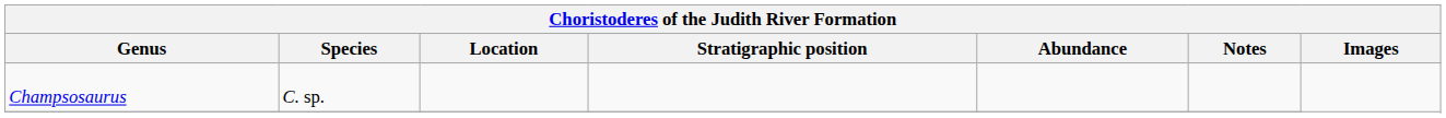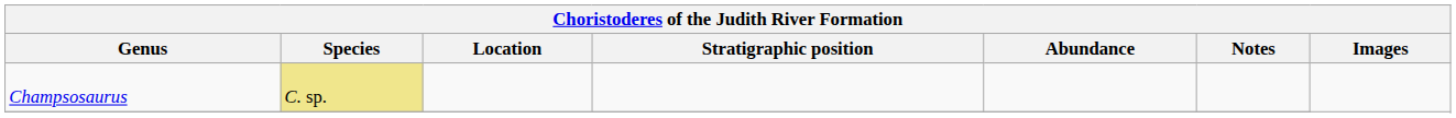 <table class="wikitable" align="center" width="100%">
 <tr>
 <th colspan="8" align="center"><strong><a href='#'>Choristoderes</a> of the Judith River Formation</strong></th>
 </tr>
 <tr>
 <th>Genus</th>
 <th>Species</th>
 <th>Location</th>
 <th>Stratigraphic position</th>
 <th>Abundance</th>
 <th>Notes</th>
 <th>Images</th>
 </tr>
 <tr>
 <td><br><em><a href='#'>Champsosaurus</a></em></td>
-<td><br><em>C.</em> sp.</td>
+<td style="background: khaki;"><br><em>C.</em> sp.</td>
 <td></td>
 <td></td>
 <td></td>
 <td></td>
 <td rowspan="20"><br></td>
 </tr>
 <tr>
 </tr>
 </table>
